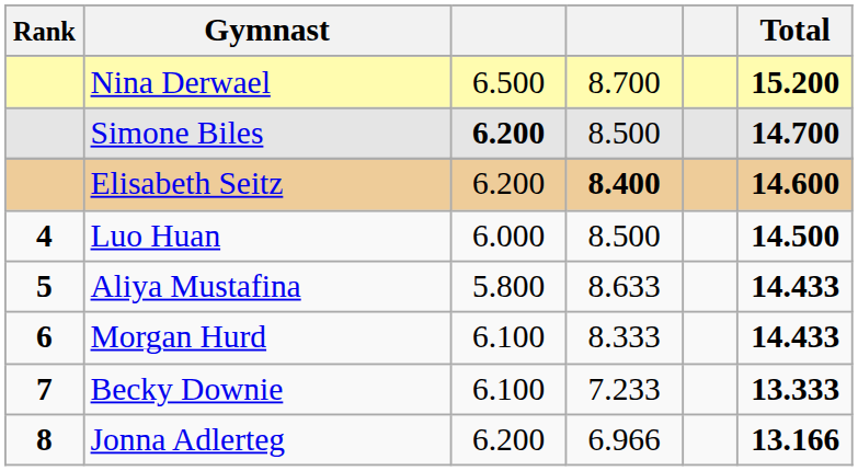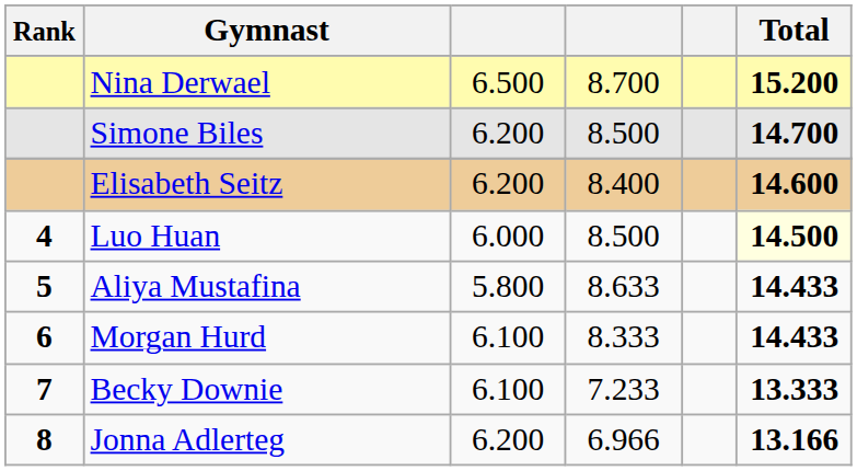 <table style="text-align:center;" class="wikitable sortable">
 <tr>
 <th scope="col" style="width:15px;"><small>Rank</small></th>
 <th scope="col" style="width:175px;">Gymnast</th>
 <th scope="col" style="width:50px;"><small></small></th>
 <th scope="col" style="width:50px;"><small></small></th>
 <th scope="col" style="width:20px;"><small></small></th>
 <th scope="col" style="width:50px;">Total</th>
 </tr>
 <tr style="background:#fffcaf;">
 <td scope="row" style="text-align:center"><strong></strong></td>
 <td style="text-align:left;"> <a href='#'>Nina Derwael</a></td>
 <td>6.500</td>
 <td>8.700</td>
 <td></td>
 <td><strong>15.200</strong></td>
 </tr>
 <tr style="background:#e5e5e5;">
 <td scope="row" style="text-align:center"><strong></strong></td>
 <td style="text-align:left;"> <a href='#'>Simone Biles</a></td>
-<td><strong>6.200</strong></td>
+<td>6.200</td>
 <td>8.500</td>
 <td></td>
 <td><strong>14.700</strong></td>
 </tr>
 <tr>
 </tr>
 <tr style="background:#ec9;">
 <td scope="row" style="text-align:center"><strong></strong></td>
 <td style="text-align:left;"> <a href='#'>Elisabeth Seitz</a></td>
 <td>6.200</td>
-<td><strong>8.400</strong></td>
+<td>8.400</td>
 <td></td>
 <td><strong>14.600</strong></td>
 </tr>
 <tr>
 <td scope="row" style="text-align:center"><strong>4</strong></td>
 <td style="text-align:left;"> <a href='#'>Luo Huan</a></td>
 <td>6.000</td>
 <td>8.500</td>
 <td></td>
-<td><strong>14.500</strong></td>
+<td style="background: lightyellow;"><strong>14.500</strong></td>
 </tr>
 <tr>
 <td scope="row" style="text-align:center"><strong>5</strong></td>
 <td style="text-align:left;"> <a href='#'>Aliya Mustafina</a></td>
 <td>5.800</td>
 <td>8.633</td>
 <td></td>
 <td><strong>14.433</strong></td>
 </tr>
 <tr>
 <td scope="row" style="text-align:center"><strong>6</strong></td>
 <td style="text-align:left;"> <a href='#'>Morgan Hurd</a></td>
 <td>6.100</td>
 <td>8.333</td>
 <td></td>
 <td><strong>14.433</strong></td>
 </tr>
 <tr>
 <td scope="row" style="text-align:center"><strong>7</strong></td>
 <td style="text-align:left;"> <a href='#'>Becky Downie</a></td>
 <td>6.100</td>
 <td>7.233</td>
 <td></td>
 <td><strong>13.333</strong></td>
 </tr>
 <tr>
 <td scope="row" style="text-align:center"><strong>8</strong></td>
 <td style="text-align:left;"> <a href='#'>Jonna Adlerteg</a></td>
 <td>6.200</td>
 <td>6.966</td>
 <td></td>
 <td><strong>13.166</strong></td>
 </tr>
 </table>
